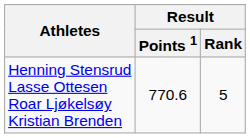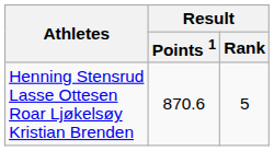 <table class="wikitable" border="1" style="font-size:90%">
 <tr>
 <th rowspan=2>Athletes</th>
 <th colspan=2>Result</th>
 </tr>
 <tr>
 <th>Points <sup>1</sup></th>
 <th>Rank</th>
 </tr>
 <tr>
 <td><a href='#'>Henning Stensrud</a><br><a href='#'>Lasse Ottesen</a><br><a href='#'>Roar Ljøkelsøy</a><br><a href='#'>Kristian Brenden</a></td>
-<td align=center>770.6</td>
+<td align=center>870.6</td>
 <td align=center>5</td>
 </tr>
 </table>
